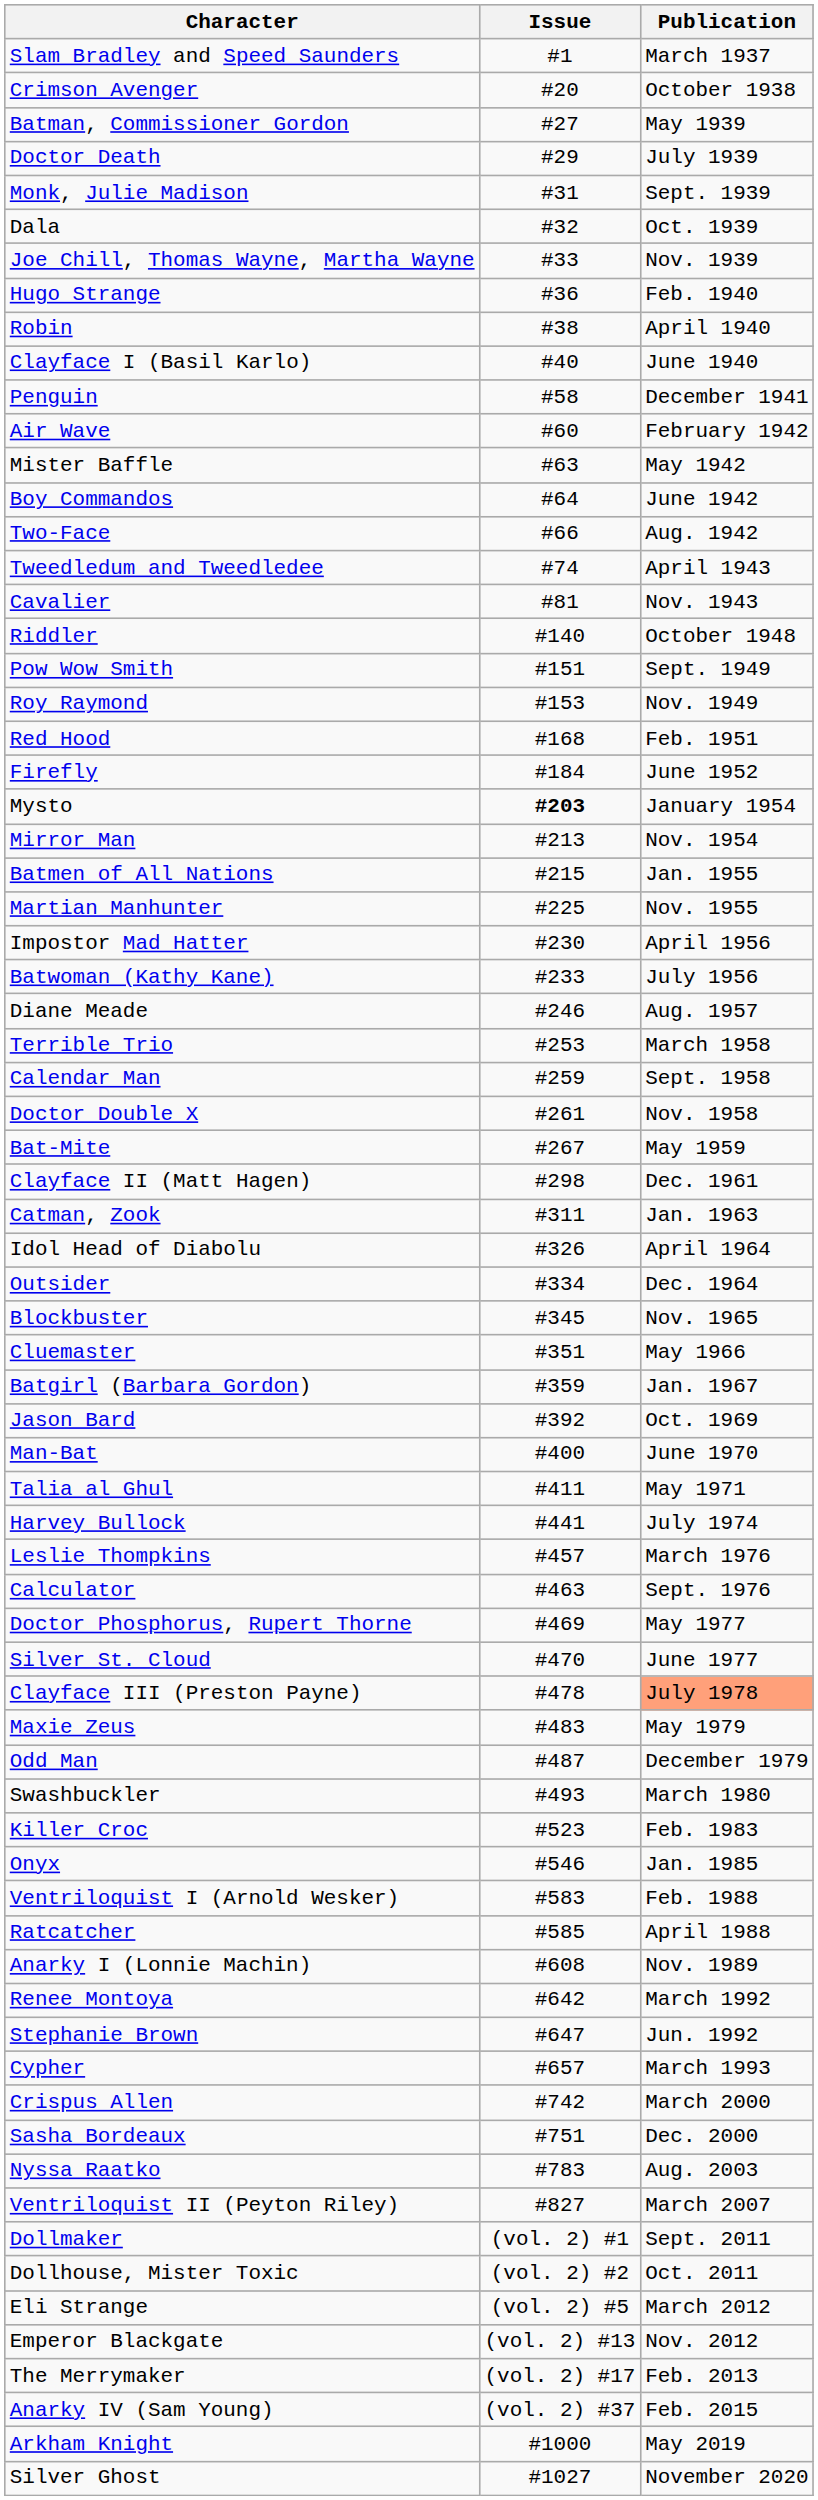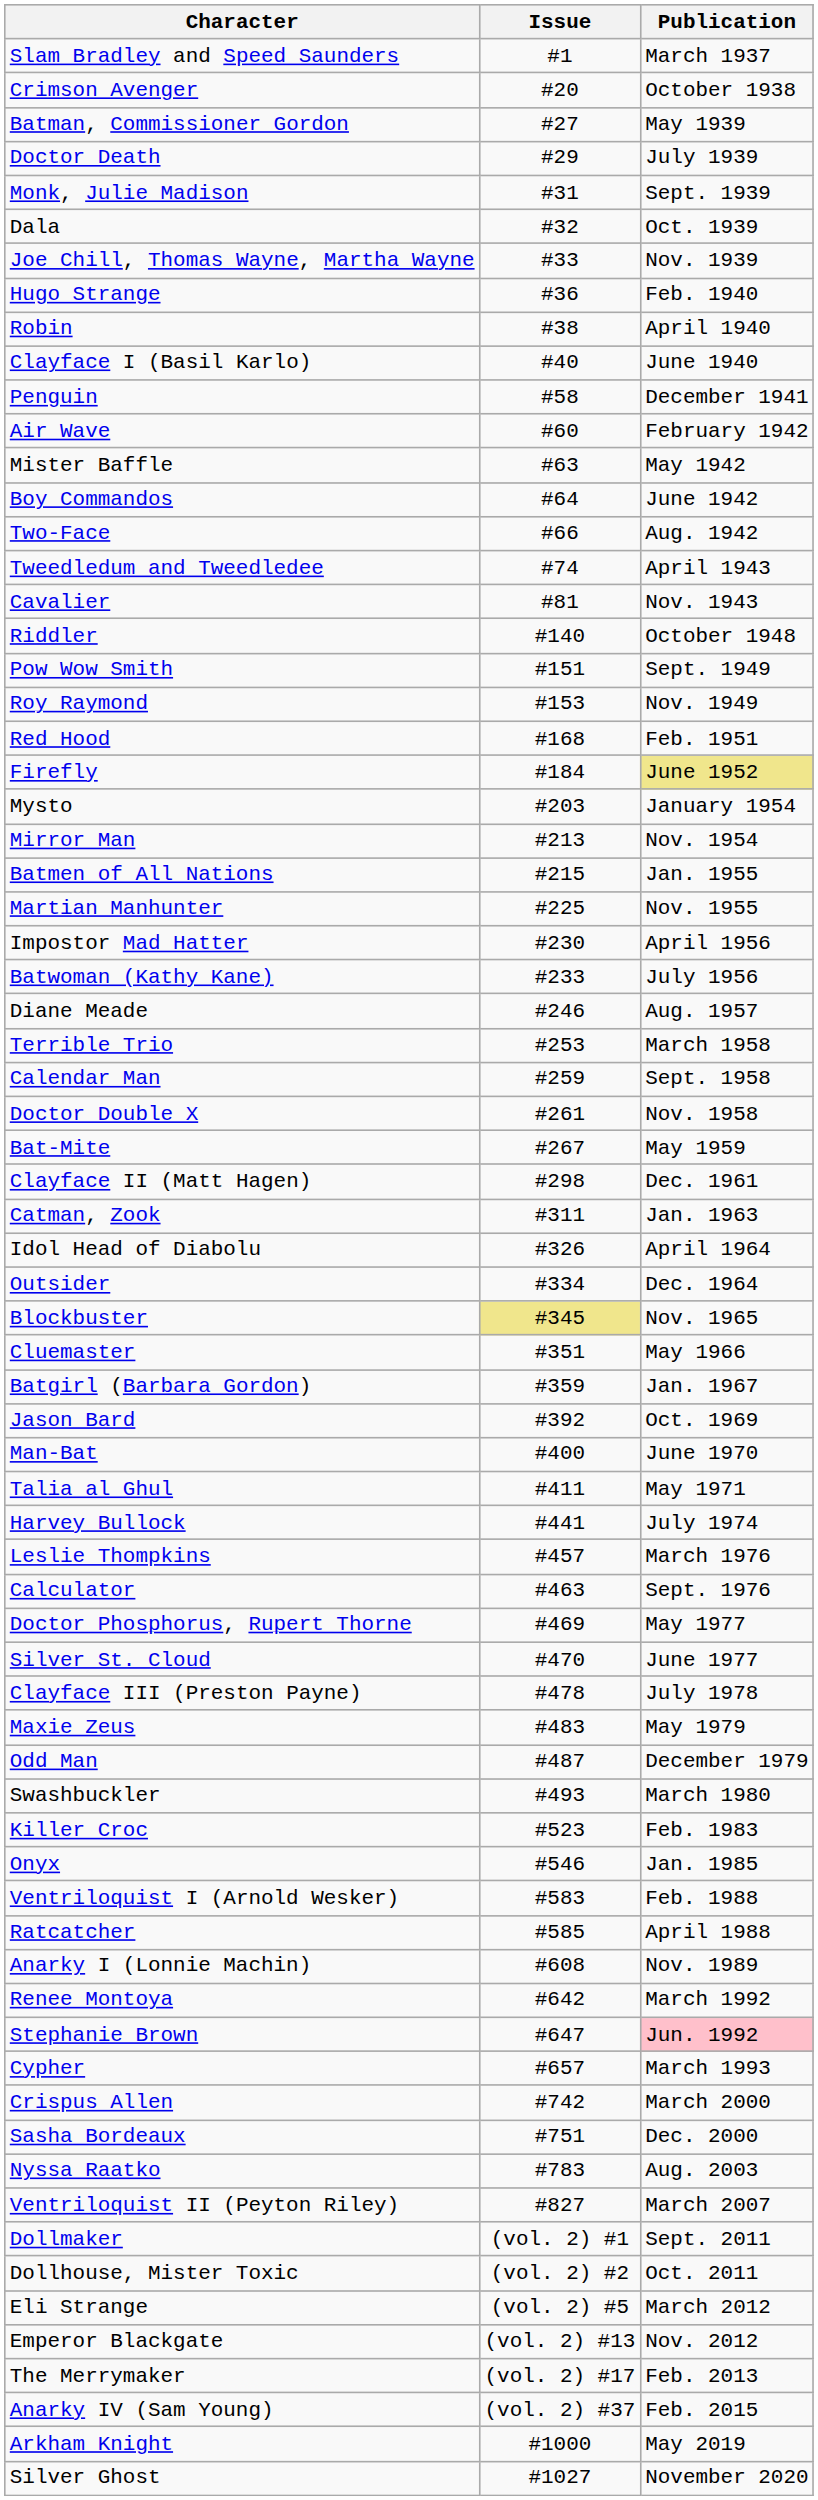 <table class="wikitable sortable">
 <tr>
 <th>Character</th>
 <th align="center">Issue</th>
 <th>Publication</th>
 </tr>
 <tr>
 <td><a href='#'>Slam Bradley</a> and <a href='#'>Speed Saunders</a></td>
 <td align="center">#1</td>
 <td>March 1937</td>
 </tr>
 <tr>
 <td><a href='#'>Crimson Avenger</a></td>
 <td align="center">#20</td>
 <td>October 1938</td>
 </tr>
 <tr>
 <td><a href='#'>Batman</a>, <a href='#'>Commissioner Gordon</a></td>
 <td align="center">#27</td>
 <td>May 1939</td>
 </tr>
 <tr>
 <td><a href='#'>Doctor Death</a></td>
 <td align="center">#29</td>
 <td>July 1939</td>
 </tr>
 <tr>
 <td><a href='#'>Monk</a>, <a href='#'>Julie Madison</a></td>
 <td align="center">#31</td>
 <td>Sept. 1939</td>
 </tr>
 <tr>
 <td>Dala</td>
 <td align="center">#32</td>
 <td>Oct. 1939</td>
 </tr>
 <tr>
 <td><a href='#'>Joe Chill</a>, <a href='#'>Thomas Wayne</a>, <a href='#'>Martha Wayne</a></td>
 <td align="center">#33</td>
 <td>Nov. 1939</td>
 </tr>
 <tr>
 <td><a href='#'>Hugo Strange</a></td>
 <td align="center">#36</td>
 <td>Feb. 1940</td>
 </tr>
 <tr>
 <td><a href='#'>Robin</a></td>
 <td align="center">#38</td>
 <td>April 1940</td>
 </tr>
 <tr>
 <td><a href='#'>Clayface</a> I (Basil Karlo)</td>
 <td align="center">#40</td>
 <td>June 1940</td>
 </tr>
 <tr>
 <td><a href='#'>Penguin</a></td>
 <td align="center">#58</td>
 <td>December 1941</td>
 </tr>
 <tr>
 <td><a href='#'>Air Wave</a></td>
 <td align="center">#60</td>
 <td>February 1942</td>
 </tr>
 <tr>
 <td>Mister Baffle</td>
 <td align="center">#63</td>
 <td>May 1942</td>
 </tr>
 <tr>
 <td><a href='#'>Boy Commandos</a></td>
 <td align="center">#64</td>
 <td>June 1942</td>
 </tr>
 <tr>
 <td><a href='#'>Two-Face</a></td>
 <td align="center">#66</td>
 <td>Aug. 1942</td>
 </tr>
 <tr>
 <td><a href='#'>Tweedledum and Tweedledee</a></td>
 <td align="center">#74</td>
 <td>April 1943</td>
 </tr>
 <tr>
 <td><a href='#'>Cavalier</a></td>
 <td align="center">#81</td>
 <td>Nov. 1943</td>
 </tr>
 <tr>
 <td><a href='#'>Riddler</a></td>
 <td align="center">#140</td>
 <td>October 1948</td>
 </tr>
 <tr>
 <td><a href='#'>Pow Wow Smith</a></td>
 <td align="center">#151</td>
 <td>Sept. 1949</td>
 </tr>
 <tr>
 <td><a href='#'>Roy Raymond</a></td>
 <td align="center">#153</td>
 <td>Nov. 1949</td>
 </tr>
 <tr>
 <td><a href='#'>Red Hood</a></td>
 <td align="center">#168</td>
 <td>Feb. 1951</td>
 </tr>
 <tr>
 <td><a href='#'>Firefly</a></td>
 <td align="center">#184</td>
-<td>June 1952</td>
+<td style="background: khaki;">June 1952</td>
 </tr>
 <tr>
 <td>Mysto</td>
-<td align="center"><strong>#203</strong></td>
+<td align="center">#203</td>
 <td>January 1954</td>
 </tr>
 <tr>
 <td><a href='#'>Mirror Man</a></td>
 <td align="center">#213</td>
 <td>Nov. 1954</td>
 </tr>
 <tr>
 <td><a href='#'>Batmen of All Nations</a></td>
 <td align="center">#215</td>
 <td>Jan. 1955</td>
 </tr>
 <tr>
 <td><a href='#'>Martian Manhunter</a></td>
 <td align="center">#225</td>
 <td>Nov. 1955</td>
 </tr>
 <tr>
 <td>Impostor <a href='#'>Mad Hatter</a></td>
 <td align="center">#230</td>
 <td>April 1956</td>
 </tr>
 <tr>
 <td><a href='#'>Batwoman (Kathy Kane)</a></td>
 <td align="center">#233</td>
 <td>July 1956</td>
 </tr>
 <tr>
 <td>Diane Meade</td>
 <td align="center">#246</td>
 <td>Aug. 1957</td>
 </tr>
 <tr>
 <td><a href='#'>Terrible Trio</a></td>
 <td align="center">#253</td>
 <td>March 1958</td>
 </tr>
 <tr>
 <td><a href='#'>Calendar Man</a></td>
 <td align="center">#259</td>
 <td>Sept. 1958</td>
 </tr>
 <tr>
 <td><a href='#'>Doctor Double X</a></td>
 <td align="center">#261</td>
 <td>Nov. 1958</td>
 </tr>
 <tr>
 <td><a href='#'>Bat-Mite</a></td>
 <td align="center">#267</td>
 <td>May 1959</td>
 </tr>
 <tr>
 <td><a href='#'>Clayface</a> II (Matt Hagen)</td>
 <td align="center">#298</td>
 <td>Dec. 1961</td>
 </tr>
 <tr>
 <td><a href='#'>Catman</a>, <a href='#'>Zook</a></td>
 <td align="center">#311</td>
 <td>Jan. 1963</td>
 </tr>
 <tr>
 <td>Idol Head of Diabolu</td>
 <td align="center">#326</td>
 <td>April 1964</td>
 </tr>
 <tr>
 <td><a href='#'>Outsider</a></td>
 <td align="center">#334</td>
 <td>Dec. 1964</td>
 </tr>
 <tr>
 <td><a href='#'>Blockbuster</a></td>
-<td align="center">#345</td>
+<td align="center" style="background: khaki;">#345</td>
 <td>Nov. 1965</td>
 </tr>
 <tr>
 <td><a href='#'>Cluemaster</a></td>
 <td align="center">#351</td>
 <td>May 1966</td>
 </tr>
 <tr>
 <td><a href='#'>Batgirl</a> (<a href='#'>Barbara Gordon</a>)</td>
 <td align="center">#359</td>
 <td>Jan. 1967</td>
 </tr>
 <tr>
 <td><a href='#'>Jason Bard</a></td>
 <td align="center">#392</td>
 <td>Oct. 1969</td>
 </tr>
 <tr>
 <td><a href='#'>Man-Bat</a></td>
 <td align="center">#400</td>
 <td>June 1970</td>
 </tr>
 <tr>
 <td><a href='#'>Talia al Ghul</a></td>
 <td align="center">#411</td>
 <td>May 1971</td>
 </tr>
 <tr>
 <td><a href='#'>Harvey Bullock</a></td>
 <td align="center">#441</td>
 <td>July 1974</td>
 </tr>
 <tr>
 <td><a href='#'>Leslie Thompkins</a></td>
 <td align="center">#457</td>
 <td>March 1976</td>
 </tr>
 <tr>
 <td><a href='#'>Calculator</a></td>
 <td align="center">#463</td>
 <td>Sept. 1976</td>
 </tr>
 <tr>
 <td><a href='#'>Doctor Phosphorus</a>, <a href='#'>Rupert Thorne</a></td>
 <td align="center">#469</td>
 <td>May 1977</td>
 </tr>
 <tr>
 <td><a href='#'>Silver St. Cloud</a></td>
 <td align="center">#470</td>
 <td>June 1977</td>
 </tr>
 <tr>
 <td><a href='#'>Clayface</a> III (Preston Payne)</td>
 <td align="center">#478</td>
-<td style="background: lightsalmon;">July 1978</td>
+<td>July 1978</td>
 </tr>
 <tr>
 <td><a href='#'>Maxie Zeus</a></td>
 <td align="center">#483</td>
 <td>May 1979</td>
 </tr>
 <tr>
 <td><a href='#'>Odd Man</a></td>
 <td align="center">#487</td>
 <td>December 1979</td>
 </tr>
 <tr>
 <td>Swashbuckler</td>
 <td align="center">#493</td>
 <td>March 1980</td>
 </tr>
 <tr>
 <td><a href='#'>Killer Croc</a></td>
 <td align="center">#523</td>
 <td>Feb. 1983</td>
 </tr>
 <tr>
 <td><a href='#'>Onyx</a></td>
 <td align="center">#546</td>
 <td>Jan. 1985</td>
 </tr>
 <tr>
 <td><a href='#'>Ventriloquist</a> I (Arnold Wesker)</td>
 <td align="center">#583</td>
 <td>Feb. 1988</td>
 </tr>
 <tr>
 <td><a href='#'>Ratcatcher</a></td>
 <td align="center">#585</td>
 <td>April 1988</td>
 </tr>
 <tr>
 <td><a href='#'>Anarky</a> I (Lonnie Machin)</td>
 <td align="center">#608</td>
 <td>Nov. 1989</td>
 </tr>
 <tr>
 <td><a href='#'>Renee Montoya</a></td>
 <td align="center">#642</td>
 <td>March 1992</td>
 </tr>
 <tr>
 <td><a href='#'>Stephanie Brown</a></td>
 <td align="center">#647</td>
-<td>Jun. 1992</td>
+<td style="background: pink;">Jun. 1992</td>
 </tr>
 <tr>
 <td><a href='#'>Cypher</a></td>
 <td align="center">#657</td>
 <td>March 1993</td>
 </tr>
 <tr>
 <td><a href='#'>Crispus Allen</a></td>
 <td align="center">#742</td>
 <td>March 2000</td>
 </tr>
 <tr>
 <td><a href='#'>Sasha Bordeaux</a></td>
 <td align="center">#751</td>
 <td>Dec. 2000</td>
 </tr>
 <tr>
 <td><a href='#'>Nyssa Raatko</a></td>
 <td align="center">#783</td>
 <td>Aug. 2003</td>
 </tr>
 <tr>
 <td><a href='#'>Ventriloquist</a> II (Peyton Riley)</td>
 <td align="center">#827</td>
 <td>March 2007</td>
 </tr>
 <tr>
 <td><a href='#'>Dollmaker</a></td>
 <td align="center">(vol. 2) #1</td>
 <td>Sept. 2011</td>
 </tr>
 <tr>
 <td>Dollhouse, Mister Toxic</td>
 <td align="center">(vol. 2) #2</td>
 <td>Oct. 2011</td>
 </tr>
 <tr>
 <td>Eli Strange</td>
 <td align="center">(vol. 2) #5</td>
 <td>March 2012</td>
 </tr>
 <tr>
 <td>Emperor Blackgate</td>
 <td align="center">(vol. 2) #13</td>
 <td>Nov. 2012</td>
 </tr>
 <tr>
 <td>The Merrymaker</td>
 <td align="center">(vol. 2) #17</td>
 <td>Feb. 2013</td>
 </tr>
 <tr>
 <td><a href='#'>Anarky</a> IV (Sam Young)</td>
 <td align="center">(vol. 2) #37</td>
 <td>Feb. 2015</td>
 </tr>
 <tr>
 <td><a href='#'>Arkham Knight</a></td>
 <td align="center">#1000</td>
 <td>May 2019</td>
 </tr>
 <tr>
 <td>Silver Ghost</td>
 <td align="center">#1027</td>
 <td>November 2020</td>
 </tr>
 </table>
